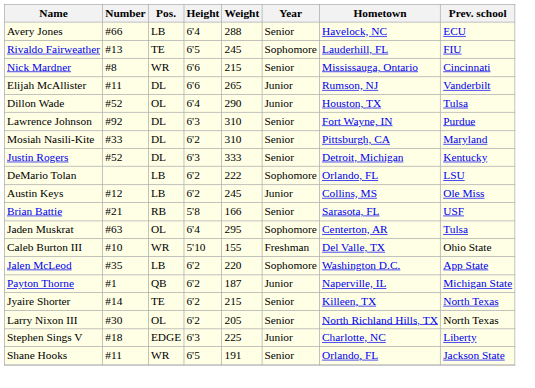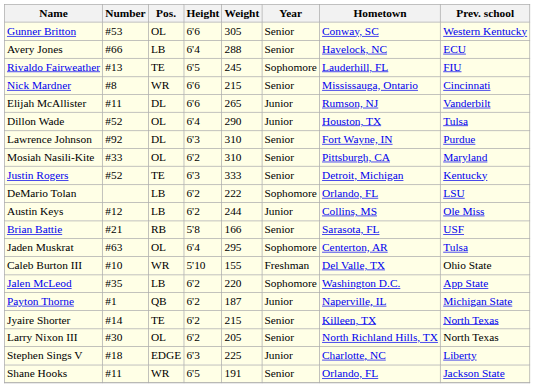 <table class="wikitable sortable">
 <tr>
 <th>Name</th>
 <th>Number</th>
 <th>Pos.</th>
 <th>Height</th>
 <th>Weight</th>
 <th>Year</th>
 <th>Hometown</th>
 <th class="unsortable">Prev. school</th>
+</tr>
+<tr style="background:#FFFFE6;">
+<td><a href='#'>Gunner Britton</a></td>
+<td>#53</td>
+<td>OL</td>
+<td>6'6</td>
+<td>305</td>
+<td>Senior </td>
+<td><a href='#'>Conway, SC</a></td>
+<td><a href='#'>Western Kentucky</a></td>
 </tr>
 <tr style="background:#FFFFE6;">
 <td>Avery Jones</td>
 <td>#66</td>
 <td>LB</td>
 <td>6'4</td>
 <td>288</td>
 <td>Senior </td>
 <td><a href='#'>Havelock, NC</a></td>
 <td><a href='#'>ECU</a></td>
 </tr>
 <tr style="background:#FFFFE6;">
 <td><a href='#'>Rivaldo Fairweather</a></td>
 <td>#13</td>
 <td>TE</td>
 <td>6'5</td>
 <td>245</td>
 <td>Sophomore</td>
 <td><a href='#'>Lauderhill, FL</a></td>
 <td><a href='#'>FIU</a></td>
 </tr>
 <tr style="background:#FFFFE6;">
 <td><a href='#'>Nick Mardner</a></td>
 <td>#8</td>
 <td>WR</td>
 <td>6'6</td>
 <td>215</td>
 <td>Senior</td>
 <td><a href='#'>Mississauga, Ontario</a></td>
 <td><a href='#'>Cincinnati</a></td>
 </tr>
 <tr style="background:#FFFFE6;">
 <td>Elijah McAllister</td>
 <td>#11</td>
 <td>DL</td>
 <td>6'6</td>
 <td>265</td>
 <td>Junior </td>
 <td><a href='#'>Rumson, NJ</a></td>
 <td><a href='#'>Vanderbilt</a></td>
 </tr>
 <tr style="background:#FFFFE6;">
 <td>Dillon Wade</td>
 <td>#52</td>
 <td>OL</td>
 <td>6'4</td>
 <td>290</td>
 <td>Junior</td>
 <td><a href='#'>Houston, TX</a></td>
 <td><a href='#'>Tulsa</a></td>
 </tr>
 <tr style="background:#FFFFE6;">
 <td>Lawrence Johnson</td>
 <td>#92</td>
 <td>DL</td>
 <td>6'3</td>
 <td>310</td>
 <td>Senior </td>
 <td><a href='#'>Fort Wayne, IN</a></td>
 <td><a href='#'>Purdue</a></td>
 </tr>
 <tr style="background:#FFFFE6;">
 <td>Mosiah Nasili-Kite</td>
 <td>#33</td>
-<td>DL</td>
+<td>OL</td>
 <td>6'2</td>
 <td>310</td>
 <td>Senior </td>
 <td><a href='#'>Pittsburgh, CA</a></td>
 <td><a href='#'>Maryland</a></td>
 </tr>
 <tr style="background:#FFFFE6;">
 <td><a href='#'>Justin Rogers</a></td>
 <td>#52</td>
-<td>DL</td>
+<td>TE</td>
 <td>6'3</td>
 <td>333</td>
 <td>Senior</td>
 <td><a href='#'>Detroit, Michigan</a></td>
 <td><a href='#'>Kentucky</a></td>
 </tr>
 <tr style="background:#FFFFE6;">
 <td>DeMario Tolan</td>
 <td></td>
 <td>LB</td>
 <td>6'2</td>
 <td>222</td>
 <td>Sophomore</td>
 <td><a href='#'>Orlando, FL</a></td>
 <td><a href='#'>LSU</a></td>
 </tr>
 <tr style="background:#FFFFE6;">
 <td>Austin Keys</td>
 <td>#12</td>
 <td>LB</td>
 <td>6'2</td>
-<td>245</td>
+<td>244</td>
 <td>Junior </td>
 <td><a href='#'>Collins, MS</a></td>
 <td><a href='#'>Ole Miss</a></td>
 </tr>
 <tr style="background:#FFFFE6;">
 <td><a href='#'>Brian Battie</a></td>
 <td>#21</td>
 <td>RB</td>
 <td>5'8</td>
 <td>166</td>
 <td>Senior</td>
 <td><a href='#'>Sarasota, FL</a></td>
 <td><a href='#'>USF</a></td>
 </tr>
 <tr style="background:#FFFFE6;">
 <td>Jaden Muskrat</td>
 <td>#63</td>
 <td>OL</td>
 <td>6'4</td>
 <td>295</td>
 <td>Sophomore </td>
 <td><a href='#'>Centerton, AR</a></td>
 <td><a href='#'>Tulsa</a></td>
 </tr>
 <tr style="background:#FFFFE6;">
 <td>Caleb Burton III</td>
 <td>#10</td>
 <td>WR</td>
 <td>5'10</td>
 <td>155</td>
 <td>Freshman</td>
 <td><a href='#'>Del Valle, TX</a></td>
 <td>Ohio State</td>
 </tr>
 <tr style="background:#FFFFE6;">
 <td><a href='#'>Jalen McLeod</a></td>
 <td>#35</td>
 <td>LB</td>
 <td>6'2</td>
 <td>220</td>
 <td>Sophomore</td>
 <td><a href='#'>Washington D.C.</a></td>
 <td><a href='#'>App State</a></td>
 </tr>
 <tr style="background:#FFFFE6;">
 <td><a href='#'>Payton Thorne</a></td>
 <td>#1</td>
 <td>QB</td>
 <td>6'2</td>
 <td>187</td>
 <td>Junior</td>
 <td><a href='#'>Naperville, IL</a></td>
 <td><a href='#'>Michigan State</a></td>
 </tr>
 <tr style="background:#FFFFE6;">
 <td>Jyaire Shorter</td>
 <td>#14</td>
 <td>TE</td>
 <td>6'2</td>
 <td>215</td>
 <td>Senior </td>
 <td><a href='#'>Killeen, TX</a></td>
 <td><a href='#'>North Texas</a></td>
 </tr>
 <tr style="background:#FFFFE6;">
 <td>Larry Nixon III</td>
 <td>#30</td>
 <td>OL</td>
 <td>6'2</td>
 <td>205</td>
 <td>Senior </td>
 <td><a href='#'>North Richland Hills, TX</a></td>
 <td>North Texas</td>
 </tr>
 <tr style="background:#FFFFE6;">
 <td>Stephen Sings V</td>
 <td>#18</td>
 <td>EDGE</td>
 <td>6'3</td>
 <td>225</td>
 <td>Junior</td>
 <td><a href='#'>Charlotte, NC</a></td>
 <td><a href='#'>Liberty</a></td>
 </tr>
 <tr style="background:#FFFFE6;">
 <td>Shane Hooks</td>
 <td>#11</td>
 <td>WR</td>
 <td>6'5</td>
 <td>191</td>
 <td>Senior </td>
 <td><a href='#'>Orlando, FL</a></td>
 <td><a href='#'>Jackson State</a></td>
 </tr>
 <tr>
 </tr>
 </table>
